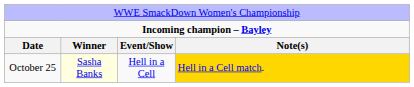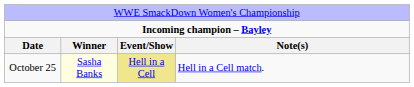 <table class="wikitable" style="text-align:center; width:100%;">
 <tr style="background:#BBF;">
 <td colspan="4" style="text-align: center;"><a href='#'>WWE SmackDown Women's Championship</a></td>
 </tr>
 <tr>
 <td colspan="4" style="text-align: center;"><strong>Incoming champion – <a href='#'>Bayley</a></strong></td>
 </tr>
 <tr>
 <th width=14%>Date</th>
 <th width=14%>Winner</th>
 <th width=14%>Event/Show</th>
 <th width=58%>Note(s)</th>
 </tr>
 <tr>
 <td>October 25</td>
 <td style="background: lightyellow;"><a href='#'>Sasha Banks</a></td>
-<td><a href='#'>Hell in a Cell</a></td>
-<td style="background: gold; text-align: left;"><a href='#'>Hell in a Cell match</a>.</td>
+<td style="background: khaki;"><a href='#'>Hell in a Cell</a></td>
+<td style="text-align: left;"><a href='#'>Hell in a Cell match</a>.</td>
 </tr>
 </table>
